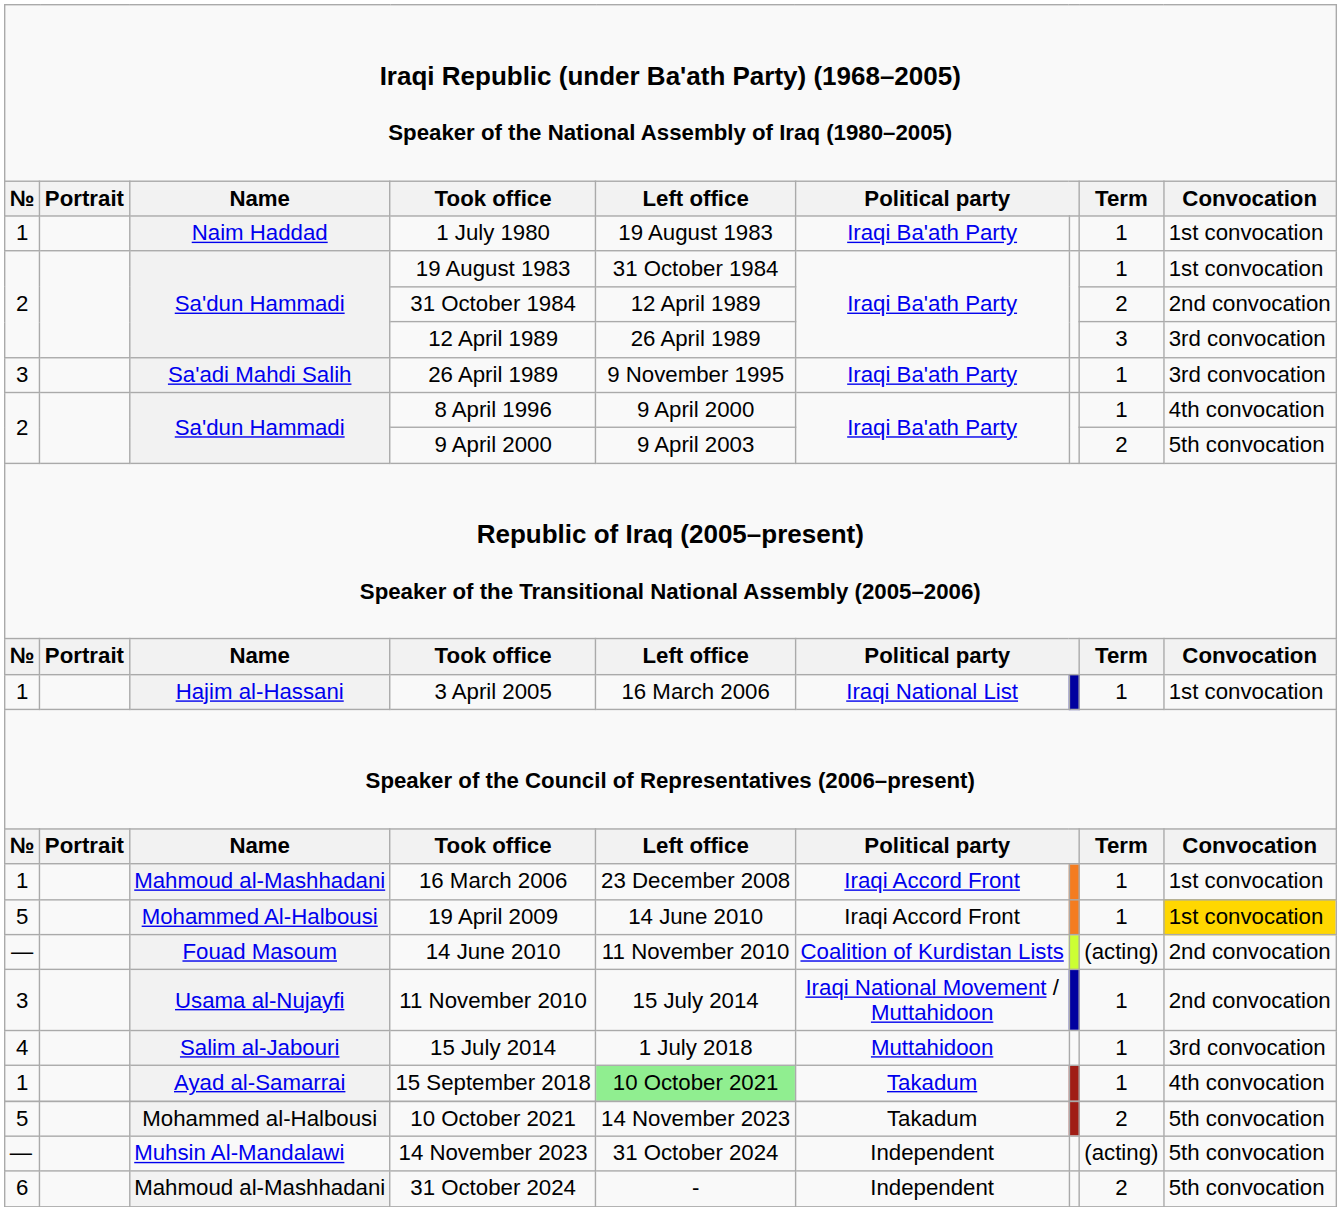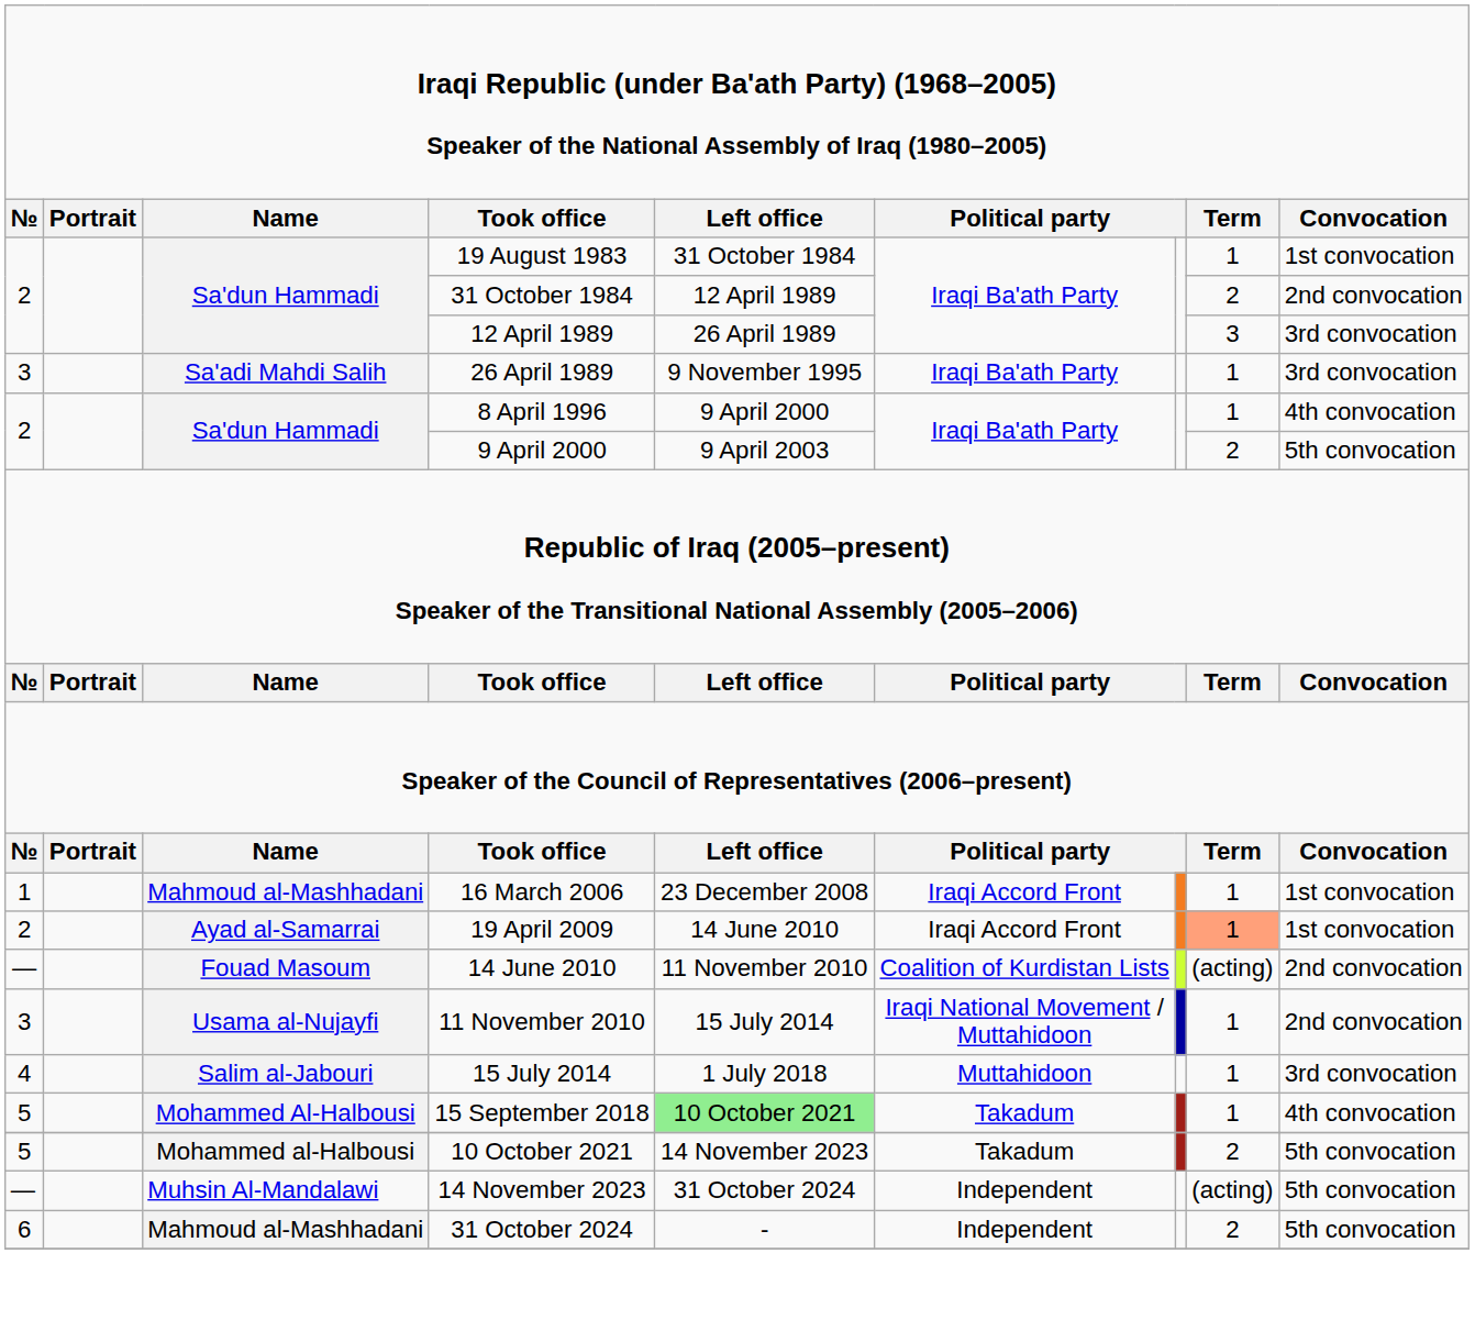 <table class="wikitable plainrowheaders">
 <tr>
 <td colspan=9 align=center><br><h3>Iraqi Republic (under Ba'ath Party) (1968–2005)</h3><h4>Speaker of the National Assembly of Iraq (1980–2005)</h4></td>
 </tr>
 <tr>
 <th scope="col">№</th>
 <th scope="col">Portrait</th>
 <th scope="col">Name<br></th>
 <th scope="col">Took office</th>
 <th scope="col">Left office</th>
 <th scope="col" colspan="2">Political party</th>
 <th scope="col">Term</th>
 <th scope="col">Convocation</th>
-</tr>
-<tr>
-<td align="center">1</td>
-<td align=center></td>
-<th align="center" scope="row" style="font-weight:normal;"><a href='#'>Naim Haddad</a></th>
-<td align=center>1 July 1980</td>
-<td align=center>19 August 1983</td>
-<td align=center><a href='#'>Iraqi Ba'ath Party</a><br></td>
-<td style="background-color:"></td>
-<td align=center>1<br></td>
-<td align=left>1st convocation<br></td>
 </tr>
 <tr>
 <td align="center" rowspan="3">2</td>
 <td rowspan="3" align=center></td>
 <th rowspan="3" align="center" scope="row" style="font-weight:normal;"><a href='#'>Sa'dun Hammadi</a><br></th>
 <td align=center>19 August 1983</td>
 <td align=center>31 October 1984</td>
 <td rowspan="3" align=center><a href='#'>Iraqi Ba'ath Party</a><br></td>
 <td rowspan="3" style="background-color:"></td>
 <td align=center>1<br></td>
 <td align=left>1st convocation<br></td>
 </tr>
 <tr>
 <td align=center>31 October 1984</td>
 <td align=center>12 April 1989</td>
 <td align=center>2<br></td>
 <td align=left>2nd convocation<br></td>
 </tr>
 <tr>
 <td align=center>12 April 1989</td>
 <td align=center>26 April 1989</td>
 <td align=center>3<br></td>
 <td align=left>3rd convocation<br></td>
 </tr>
 <tr>
 <td align="center">3</td>
 <td align=center></td>
 <th align="center" scope="row" style="font-weight:normal;"><a href='#'>Sa'adi Mahdi Salih</a></th>
 <td align=center>26 April 1989</td>
 <td align=center>9 November 1995</td>
 <td align=center><a href='#'>Iraqi Ba'ath Party</a><br></td>
 <td style="background-color:"></td>
 <td align=center>1<br></td>
 <td align=left>3rd convocation<br></td>
 </tr>
 <tr>
 <td align="center" rowspan="2">2</td>
 <td rowspan="2" align=center></td>
 <th rowspan="2" align="center" scope="row" style="font-weight:normal;"><a href='#'>Sa'dun Hammadi</a><br></th>
 <td align=center>8 April 1996</td>
 <td align=center>9 April 2000</td>
 <td rowspan="2" align=center><a href='#'>Iraqi Ba'ath Party</a><br></td>
 <td rowspan="2" style="background-color:"></td>
 <td align=center>1<br></td>
 <td align=left>4th convocation<br></td>
 </tr>
 <tr>
 <td align=center>9 April 2000</td>
 <td align=center>9 April 2003</td>
 <td align=center>2<br></td>
 <td align=left>5th convocation<br></td>
 </tr>
 <tr>
 <td colspan=9 align=center><br><h3>Republic of Iraq (2005–present)</h3><h4>Speaker of the Transitional National Assembly (2005–2006)</h4></td>
 </tr>
 <tr>
 <th scope="col">№</th>
 <th scope="col">Portrait</th>
 <th scope="col">Name<br></th>
 <th scope="col">Took office</th>
 <th scope="col">Left office</th>
 <th scope="col" colspan="2">Political party</th>
 <th scope="col">Term</th>
 <th scope="col">Convocation</th>
 </tr>
 <tr>
-<td align="center">1</td>
-<td align=center></td>
-<th align="center" scope="row" style="font-weight:normal;"><a href='#'>Hajim al-Hassani</a><br></th>
-<td align=center>3 April 2005</td>
-<td align=center>16 March 2006</td>
-<td align=center><a href='#'>Iraqi National List</a></td>
-<td style="background-color:#00009F; color:white;"></td>
-<td align=center>1<br></td>
-<td align=left>1st convocation<br></td>
-</tr>
-<tr>
 <td colspan=9 align=center><br><h4>Speaker of the Council of Representatives (2006–present)</h4></td>
 </tr>
 <tr>
 <th scope="col">№</th>
 <th scope="col">Portrait</th>
 <th scope="col">Name<br></th>
 <th scope="col">Took office</th>
 <th scope="col">Left office</th>
 <th scope="col" colspan="2">Political party</th>
 <th scope="col">Term</th>
 <th scope="col">Convocation</th>
 </tr>
 <tr>
 <td align="center">1</td>
 <td align=center></td>
 <th align="center" scope="row" style="font-weight:normal;"><a href='#'>Mahmoud al-Mashhadani</a><br></th>
 <td align=center>16 March 2006</td>
 <td align=center>23 December 2008</td>
 <td align=center><a href='#'>Iraqi Accord Front</a></td>
 <td style="background-color:#F47C20; color:white;"></td>
 <td align=center>1<br></td>
 <td align=left>1st convocation<br></td>
 </tr>
 <tr>
-<td align="center">5</td>
+<td align="center">2</td>
 <td align=center></td>
-<th align="center" scope="row" style="font-weight:normal;"><a href='#'>Mohammed Al-Halbousi</a><br></th>
+<th align="center" scope="row" style="font-weight:normal;"><a href='#'>Ayad al-Samarrai</a><br></th>
 <td align=center>19 April 2009</td>
 <td align=center>14 June 2010</td>
 <td align=center>Iraqi Accord Front</td>
 <td style="background-color:#F47C20; color:white;"></td>
-<td align=center>1<br></td>
-<td align=left style="background: gold;">1st convocation<br></td>
+<td align=center style="background: lightsalmon;">1<br></td>
+<td align=left>1st convocation<br></td>
 </tr>
 <tr>
 <td align="center">—</td>
 <td align=center></td>
 <th align="center" scope="row" style="font-weight:normal;"><a href='#'>Fouad Masoum</a><br></th>
 <td align=center>14 June 2010</td>
 <td align=center>11 November 2010</td>
 <td align=center><a href='#'>Coalition of Kurdistan Lists</a></td>
 <td style="background-color:#CCFF33; color:white;"></td>
 <td align=center>(acting)</td>
 <td align=left>2nd convocation<br></td>
 </tr>
 <tr>
 <td align="center">3</td>
 <td align=center></td>
 <th align="center" scope="row" style="font-weight:normal;"><a href='#'>Usama al-Nujayfi</a><br></th>
 <td align=center>11 November 2010</td>
 <td align=center>15 July 2014</td>
 <td align=center><a href='#'>Iraqi National Movement</a> /<br> <a href='#'>Muttahidoon</a></td>
 <td style="background-color:#00009F; color:white;"></td>
 <td align=center>1<br></td>
 <td align=left>2nd convocation<br></td>
 </tr>
 <tr>
 <td align="center">4</td>
 <td align=center></td>
 <th align="center" scope="row" style="font-weight:normal;"><a href='#'>Salim al-Jabouri</a><br></th>
 <td align=center>15 July 2014</td>
 <td align=center>1 July 2018</td>
 <td align=center><a href='#'>Muttahidoon</a></td>
 <td style="background-color:"></td>
 <td align=center>1<br></td>
 <td align=left>3rd convocation<br></td>
 </tr>
 <tr>
-<td align="center">1</td>
+<td align="center">5</td>
 <td align=center></td>
-<th align="center" scope="row" style="font-weight:normal;"><a href='#'>Ayad al-Samarrai</a><br></th>
+<th align="center" scope="row" style="font-weight:normal;"><a href='#'>Mohammed Al-Halbousi</a><br></th>
 <td align=center>15 September 2018</td>
 <td align=center style="background: lightgreen;">10 October 2021</td>
 <td align=center><a href='#'>Takadum</a></td>
 <td style="background-color:#a01d16; color:white;"></td>
 <td align=center>1<br></td>
 <td align=left>4th convocation<br></td>
 </tr>
 <tr>
 </tr>
 <tr>
 <td align="center">5</td>
 <td align=center></td>
 <th align="center" scope="row" style="font-weight:normal;">Mohammed al-Halbousi<br></th>
 <td align=center>10 October 2021</td>
 <td align=center>14 November 2023</td>
 <td align=center>Takadum</td>
 <td style="background-color:#a01d16; color:white;"></td>
 <td align=center>2<br></td>
 <td align=left>5th convocation<br></td>
 </tr>
 <tr>
 <td>—</td>
 <td align=center></td>
 <td><a href='#'>Muhsin Al-Mandalawi</a> <br></td>
 <td align=center>14 November 2023</td>
 <td align=center>31 October 2024</td>
 <td align=center>Independent</td>
 <td></td>
 <td align=center>(acting)</td>
 <td align=left>5th convocation<br></td>
 </tr>
 <tr>
 <td align="center">6</td>
 <td align=center></td>
 <th align="center" scope="row" style="font-weight:normal;">Mahmoud al-Mashhadani<br></th>
 <td align=center>31 October 2024</td>
 <td align=center>-</td>
 <td align=center>Independent</td>
 <td></td>
 <td align=center>2</td>
 <td align=left>5th convocation<br></td>
 </tr>
 <tr>
 </tr>
 </table>
